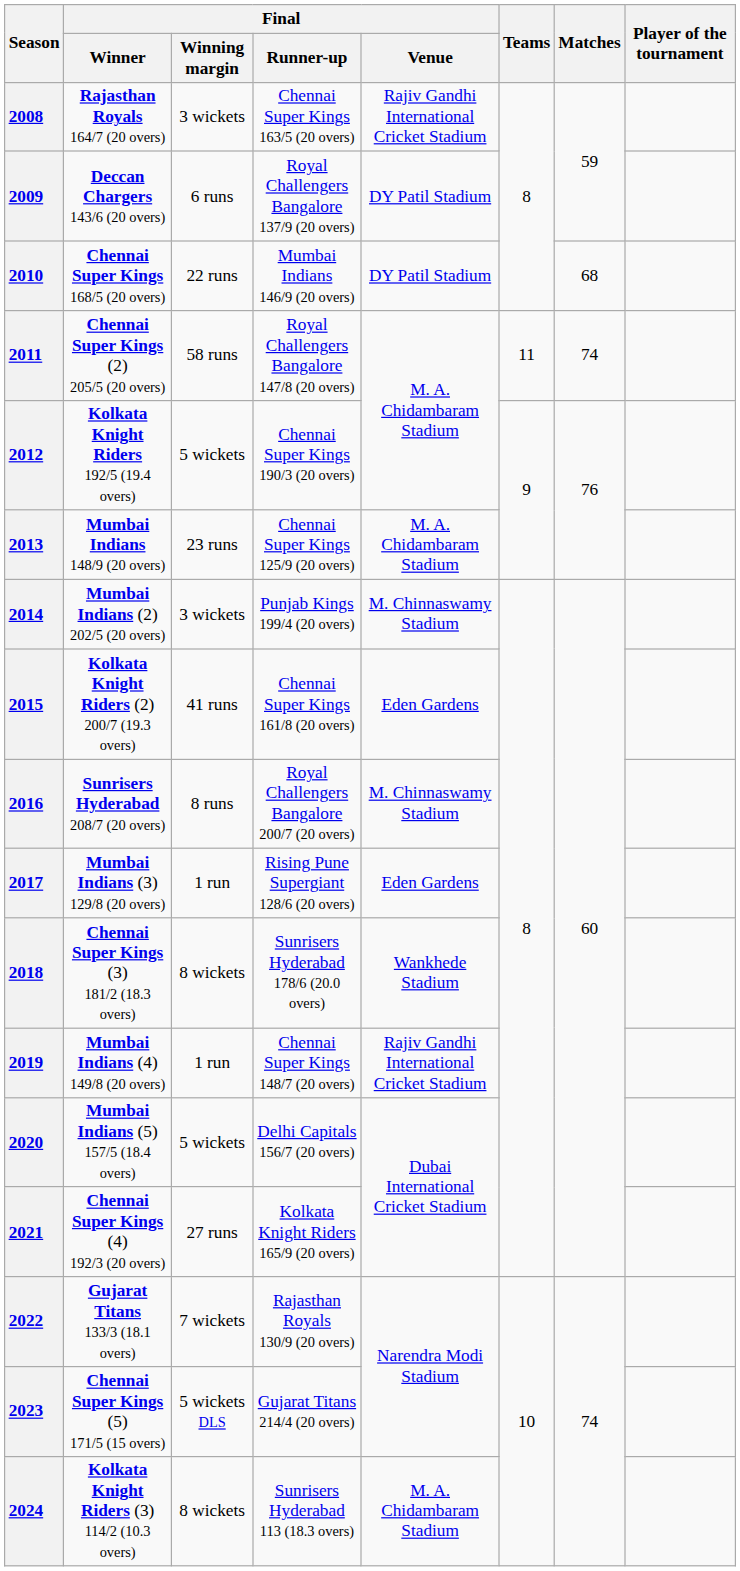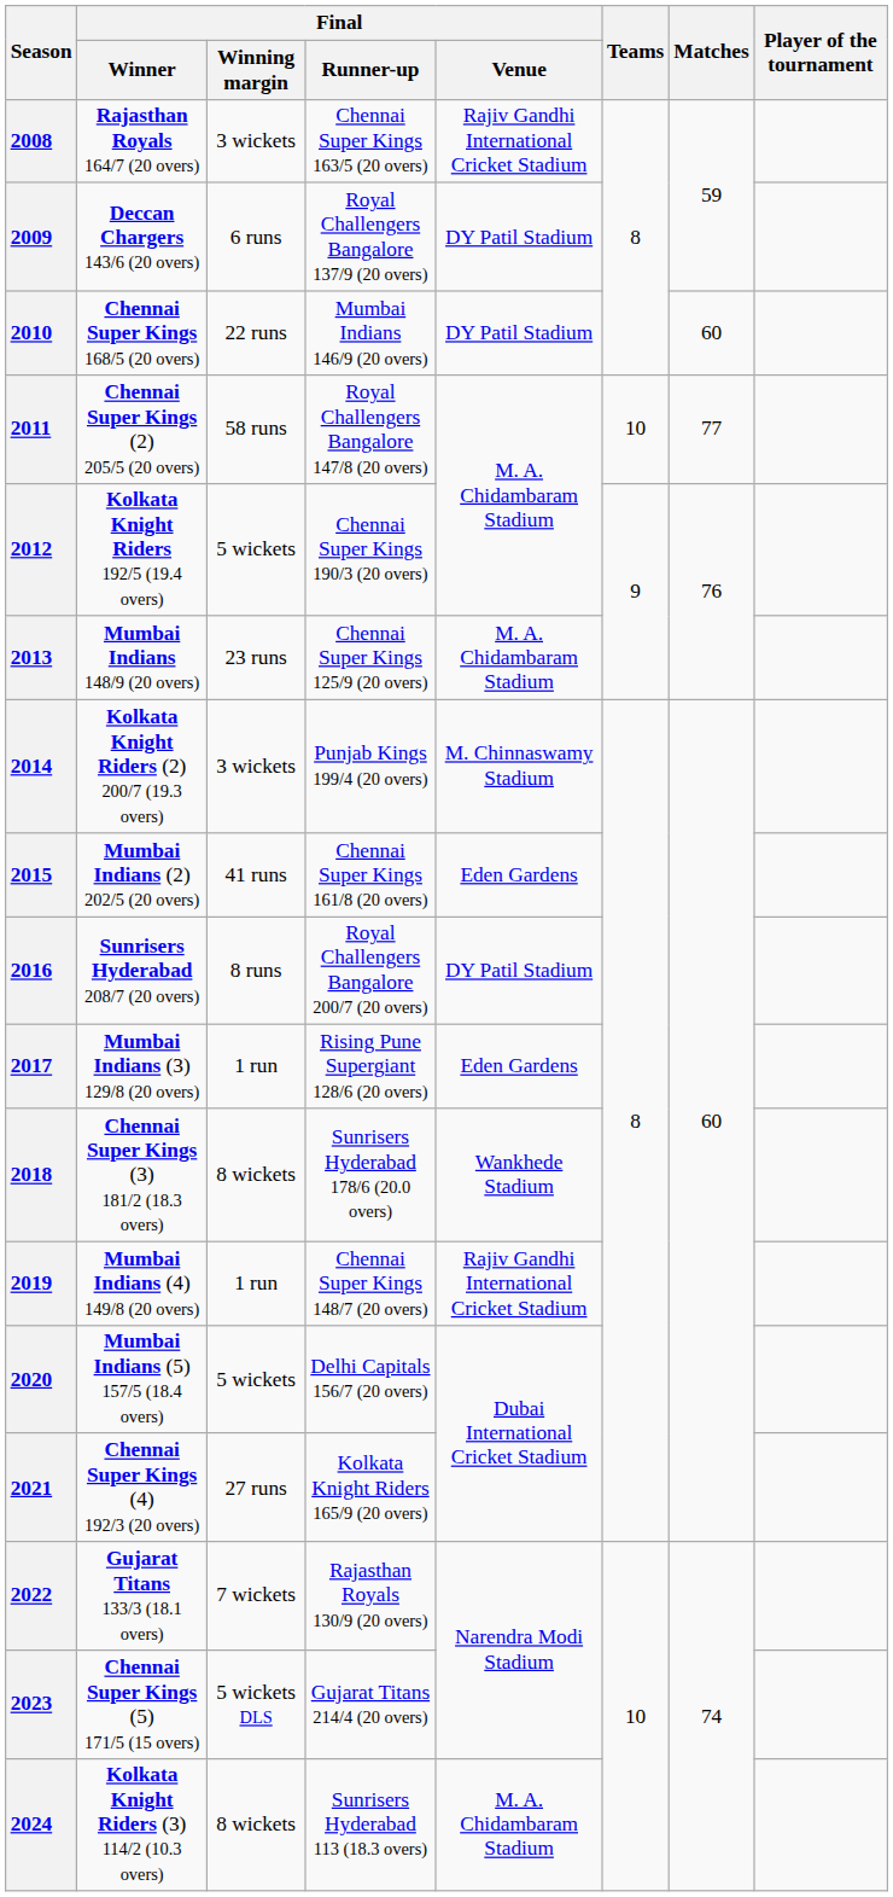 <table class="wikitable sortable" style="text-align:center;font-size:90%;">
 <tr>
 <th rowspan="2"  scope="col">Season</th>
 <th colspan="4">Final</th>
 <th rowspan="2" scope="col">Teams</th>
 <th rowspan="2">Matches</th>
 <th rowspan="2" scope="col">Player of the tournament</th>
 </tr>
 <tr>
 <th scope="col">Winner</th>
 <th scope="col">Winning margin</th>
 <th scope="col">Runner-up</th>
 <th scope="col">Venue</th>
 </tr>
 <tr>
 <th style="text-align:left;" scope="row"><a href='#'>2008</a></th>
 <td><strong><a href='#'>Rajasthan Royals </a></strong><br><small>164/7 (20 overs)</small></td>
 <td>3 wickets</td>
 <td><a href='#'>Chennai Super Kings</a><br><small>163/5 (20 overs)</small></td>
 <td><a href='#'>Rajiv Gandhi International Cricket Stadium</a></td>
 <td rowspan=3>8</td>
 <td rowspan=2>59</td>
 <td></td>
 </tr>
 <tr>
 <th style="text-align:left;" scope="row"><a href='#'>2009</a></th>
 <td><strong><a href='#'>Deccan Chargers</a></strong><br><small>143/6 (20 overs)</small></td>
 <td>6 runs</td>
 <td><a href='#'>Royal Challengers Bangalore</a><br><small>137/9 (20 overs)</small></td>
 <td><a href='#'>DY Patil Stadium</a></td>
 <td></td>
 </tr>
 <tr>
 <th style="text-align:left;" scope="row"><a href='#'>2010</a></th>
 <td><strong><a href='#'>Chennai Super Kings</a></strong><br><small>168/5 (20 overs)</small></td>
 <td>22 runs</td>
 <td><a href='#'>Mumbai Indians</a><br><small>146/9 (20 overs)</small></td>
 <td><a href='#'>DY Patil Stadium</a></td>
-<td>68</td>
+<td>60</td>
 <td></td>
 </tr>
 <tr>
 <th style="text-align:left;" scope="row"><a href='#'>2011</a></th>
 <td><strong><a href='#'>Chennai Super Kings</a></strong> (2)<br><small>205/5 (20 overs)</small></td>
 <td>58 runs</td>
 <td><a href='#'>Royal Challengers Bangalore</a><br><small>147/8 (20 overs)</small></td>
 <td rowspan=2><a href='#'>M. A. Chidambaram Stadium</a></td>
-<td>11</td>
-<td>74</td>
+<td>10</td>
+<td>77</td>
 <td></td>
 </tr>
 <tr>
 <th style="text-align:left;" scope="row"><a href='#'>2012</a></th>
 <td><strong><a href='#'>Kolkata Knight Riders</a></strong><br><small>192/5 (19.4 overs)</small></td>
 <td>5 wickets</td>
 <td><a href='#'>Chennai Super Kings</a><br><small>190/3 (20 overs)</small></td>
 <td rowspan=2>9</td>
 <td rowspan=2>76</td>
 <td></td>
 </tr>
 <tr>
 <th style="text-align:left;" scope="row"><a href='#'>2013</a></th>
 <td><strong><a href='#'>Mumbai Indians</a></strong><br><small>148/9 (20 overs)</small></td>
 <td>23 runs</td>
 <td><a href='#'>Chennai Super Kings</a><br><small>125/9 (20 overs)</small></td>
 <td><a href='#'>M. A. Chidambaram Stadium</a></td>
 <td></td>
 </tr>
 <tr>
 <th style="text-align:left;" scope="row"><a href='#'>2014</a></th>
-<td><strong><a href='#'>Mumbai Indians</a></strong> (2)<br><small>202/5 (20 overs)</small></td>
+<td><strong><a href='#'>Kolkata Knight Riders</a></strong> (2)<br><small>200/7 (19.3 overs)</small></td>
 <td>3 wickets</td>
 <td><a href='#'>Punjab Kings</a><br><small>199/4 (20 overs)</small></td>
 <td><a href='#'>M. Chinnaswamy Stadium</a></td>
 <td rowspan=8>8</td>
 <td rowspan=8>60</td>
 <td></td>
 </tr>
 <tr>
 <th style="text-align:left;" scope="row"><a href='#'>2015</a></th>
-<td><strong><a href='#'>Kolkata Knight Riders</a></strong> (2)<br><small>200/7 (19.3 overs)</small></td>
+<td><strong><a href='#'>Mumbai Indians</a></strong> (2)<br><small>202/5 (20 overs)</small></td>
 <td>41 runs</td>
 <td><a href='#'>Chennai Super Kings</a><br><small>161/8 (20 overs)</small></td>
 <td><a href='#'>Eden Gardens</a></td>
 <td></td>
 </tr>
 <tr>
 <th style="text-align:left;" scope="row"><a href='#'>2016</a></th>
 <td><strong><a href='#'>Sunrisers Hyderabad</a></strong><br><small>208/7 (20 overs)</small></td>
 <td>8 runs</td>
 <td><a href='#'>Royal Challengers Bangalore</a><br><small>200/7 (20 overs)</small></td>
-<td><a href='#'>M. Chinnaswamy Stadium</a></td>
+<td><a href='#'>DY Patil Stadium</a></td>
 <td></td>
 </tr>
 <tr>
 <th style="text-align:left;" scope="row"><a href='#'>2017</a></th>
 <td><strong><a href='#'>Mumbai Indians</a></strong> (3)<br><small>129/8 (20 overs)</small></td>
 <td>1 run</td>
 <td><a href='#'>Rising Pune Supergiant</a><br><small>128/6 (20 overs)</small></td>
 <td><a href='#'>Eden Gardens</a></td>
 <td></td>
 </tr>
 <tr>
 <th style="text-align:left;" scope="row"><a href='#'>2018</a></th>
 <td><strong><a href='#'>Chennai Super Kings</a></strong> (3)<br><small>181/2 (18.3 overs)</small></td>
 <td>8 wickets</td>
 <td><a href='#'>Sunrisers Hyderabad</a><br><small>178/6 (20.0 overs)</small></td>
 <td><a href='#'>Wankhede Stadium</a></td>
 <td></td>
 </tr>
 <tr>
 <th style="text-align:left;" scope="row"><a href='#'>2019</a></th>
 <td><strong><a href='#'>Mumbai Indians</a></strong> (4)<br><small>149/8 (20 overs)</small></td>
 <td>1 run</td>
 <td><a href='#'>Chennai Super Kings</a><br><small>148/7 (20 overs)</small></td>
 <td><a href='#'>Rajiv Gandhi International Cricket Stadium</a></td>
 <td></td>
 </tr>
 <tr>
 <th style="text-align:left;" scope="row"><a href='#'>2020</a></th>
 <td><strong><a href='#'>Mumbai Indians</a></strong> (5)<br><small>157/5 (18.4 overs)</small></td>
 <td>5 wickets</td>
 <td><a href='#'>Delhi Capitals</a><br><small>156/7 (20 overs)</small></td>
 <td rowspan=2><a href='#'>Dubai International Cricket Stadium</a></td>
 <td></td>
 </tr>
 <tr>
 <th style="text-align:left;" scope="row"><a href='#'>2021</a></th>
 <td><strong><a href='#'>Chennai Super Kings</a></strong> (4)<br><small>192/3 (20 overs)</small></td>
 <td>27 runs</td>
 <td><a href='#'>Kolkata Knight Riders</a><br><small>165/9 (20 overs)</small></td>
 <td></td>
 </tr>
 <tr>
 <th style="text-align:left;" scope="row"><a href='#'>2022</a></th>
 <td><strong><a href='#'>Gujarat Titans</a></strong><br><small>133/3 (18.1 overs)</small></td>
 <td>7 wickets</td>
 <td><a href='#'>Rajasthan Royals</a><br><small>130/9 (20 overs)</small></td>
 <td rowspan=2><a href='#'>Narendra Modi Stadium</a></td>
 <td rowspan=4>10</td>
 <td rowspan=4>74</td>
 <td></td>
 </tr>
 <tr>
 <th style="text-align:left;" scope="row"><a href='#'>2023</a></th>
 <td><strong><a href='#'>Chennai Super Kings</a></strong> (5)<br><small>171/5 (15 overs)</small></td>
 <td>5 wickets<br><small><a href='#'>DLS</a></small></td>
 <td><a href='#'>Gujarat Titans</a><br><small>214/4 (20 overs)</small></td>
 <td></td>
 </tr>
 <tr>
 <th style="text-align:left;" scope="row"><a href='#'>2024</a></th>
 <td><strong><a href='#'>Kolkata Knight Riders</a></strong> (3)<br><small>114/2 (10.3 overs)</small></td>
 <td>8 wickets</td>
 <td><a href='#'>Sunrisers Hyderabad</a><br><small>113 (18.3 overs)</small></td>
 <td><a href='#'>M. A. Chidambaram Stadium</a></td>
 <td></td>
 </tr>
 </table>
